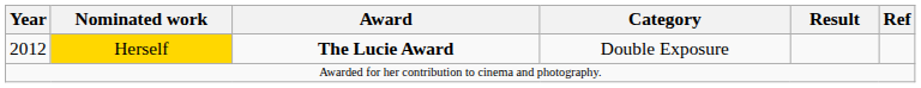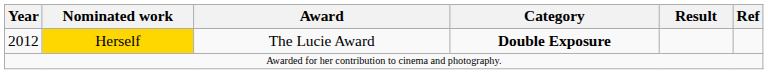 <table class="wikitable" style="text-align:center;">
 <tr>
 <th width="30">Year</th>
 <th width="150">Nominated work</th>
 <th width="260">Award</th>
 <th width="210">Category</th>
 <th width="70">Result</th>
 <th width="20">Ref</th>
 </tr>
 <tr>
 <td>2012</td>
 <td style="background: gold;">Herself</td>
-<td><strong>The Lucie Award</strong></td>
-<td>Double Exposure</td>
+<td>The Lucie Award</td>
+<td><strong>Double Exposure</strong></td>
 <td></td>
 <td></td>
 </tr>
 <tr>
 <td colspan="6" style="font-size: 8pt" align="center" width="740">Awarded for her contribution to cinema and photography.</td>
 </tr>
 </table>
